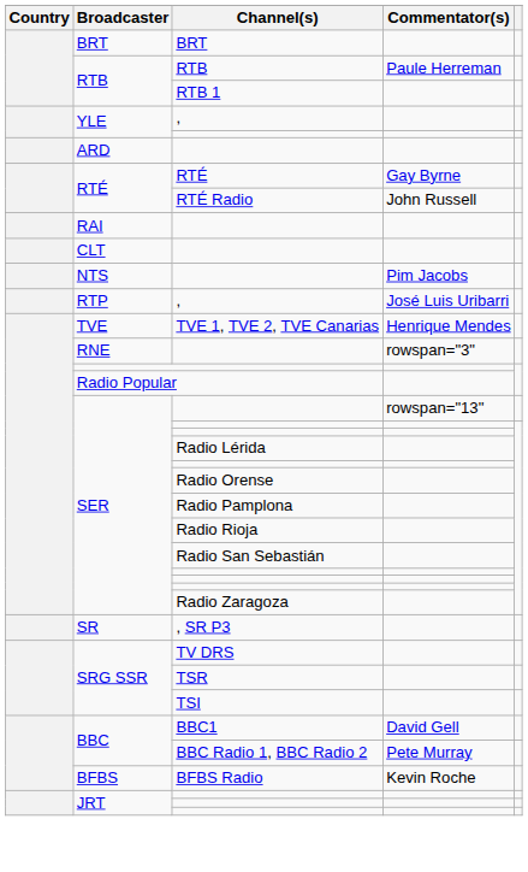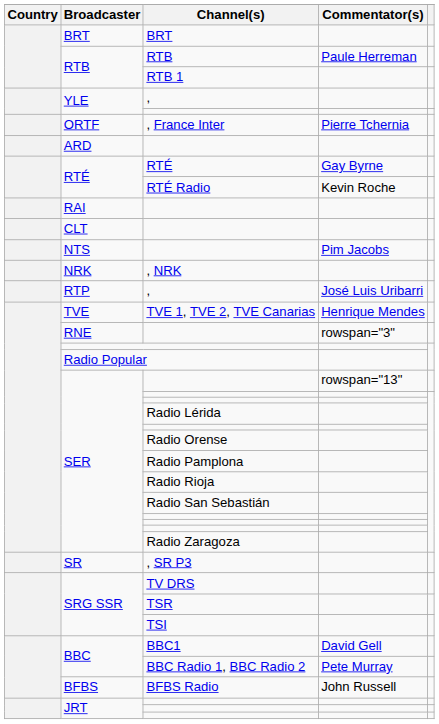 <table class="wikitable plainrowheaders">
 <tr>
 </tr>
 <tr>
 <th scope="col">Country</th>
 <th scope="col">Broadcaster</th>
 <th scope="col">Channel(s)</th>
 <th scope="col">Commentator(s)</th>
 <th scope="col"></th>
 </tr>
 <tr>
 <th scope="rowgroup" rowspan="3"></th>
 <td><a href='#'>BRT</a></td>
 <td><a href='#'>BRT</a></td>
 <td></td>
 <td style="text-align:center"></td>
 </tr>
 <tr>
 <td rowspan="2"><a href='#'>RTB</a></td>
 <td><a href='#'>RTB</a></td>
 <td><a href='#'>Paule Herreman</a></td>
 <td style="text-align:center"></td>
 </tr>
 <tr>
 <td><a href='#'>RTB 1</a></td>
 <td></td>
 <td style="text-align:center"></td>
 </tr>
 <tr>
 <th scope="rowgroup" rowspan="2"></th>
 <td rowspan="2"><a href='#'>YLE</a></td>
 <td>, </td>
 <td></td>
 <td style="text-align:center"></td>
 </tr>
 <tr>
 <td></td>
 <td></td>
 <td style="text-align:center"></td>
 </tr>
 <tr>
 <th scope="row"></th>
+<td><a href='#'>ORTF</a></td>
+<td>, <a href='#'>France Inter</a></td>
+<td><a href='#'>Pierre Tchernia</a></td>
+<td style="text-align:center"></td>
+</tr>
+<tr>
+<th scope="row"></th>
 <td><a href='#'>ARD</a></td>
 <td></td>
 <td></td>
 <td style="text-align:center"></td>
 </tr>
 <tr>
 <th scope="rowgroup" rowspan="2"></th>
 <td rowspan="2"><a href='#'>RTÉ</a></td>
 <td><a href='#'>RTÉ</a></td>
 <td><a href='#'>Gay Byrne</a></td>
 <td style="text-align:center"></td>
 </tr>
 <tr>
 <td><a href='#'>RTÉ Radio</a></td>
-<td>John Russell</td>
+<td>Kevin Roche</td>
 <td style="text-align:center"></td>
 </tr>
 <tr>
 <th scope="row"></th>
 <td><a href='#'>RAI</a></td>
 <td></td>
 <td></td>
 <td style="text-align:center"></td>
 </tr>
 <tr>
 <th scope="row"></th>
 <td><a href='#'>CLT</a></td>
 <td></td>
 <td></td>
 <td style="text-align:center"></td>
 </tr>
 <tr>
 <th scope="row"></th>
 <td><a href='#'>NTS</a></td>
 <td></td>
 <td><a href='#'>Pim Jacobs</a></td>
+<td style="text-align:center"></td>
+</tr>
+<tr>
+<th scope="row"></th>
+<td><a href='#'>NRK</a></td>
+<td>, <a href='#'>NRK</a></td>
+<td></td>
 <td style="text-align:center"></td>
 </tr>
 <tr>
 <th scope="row"></th>
 <td><a href='#'>RTP</a></td>
 <td>, </td>
 <td><a href='#'>José Luis Uribarri</a></td>
 <td style="text-align:center"></td>
 </tr>
 <tr>
 <th scope="rowgroup" rowspan="17"></th>
 <td><a href='#'>TVE</a></td>
 <td><a href='#'>TVE 1</a>, <a href='#'>TVE 2</a>, <a href='#'>TVE Canarias</a></td>
 <td><a href='#'>Henrique Mendes</a></td>
 <td style="text-align:center"></td>
 </tr>
 <tr>
 <td><a href='#'>RNE</a></td>
 <td></td>
 <td>rowspan="3" </td>
 <td style="text-align:center"></td>
 </tr>
 <tr>
 <td colspan="2"></td>
 <td style="text-align:center"></td>
 </tr>
 <tr>
 <td colspan="2"><a href='#'>Radio Popular</a></td>
 <td style="text-align:center"></td>
 </tr>
 <tr>
 <td rowspan="13"><a href='#'>SER</a></td>
 <td></td>
 <td>rowspan="13" </td>
 <td style="text-align:center"></td>
 </tr>
 <tr>
 <td></td>
 <td style="text-align:center"></td>
 </tr>
 <tr>
 <td></td>
 <td style="text-align:center"></td>
 </tr>
 <tr>
 <td>Radio Lérida</td>
 <td style="text-align:center"></td>
 </tr>
 <tr>
 <td></td>
 <td style="text-align:center"></td>
 </tr>
 <tr>
 <td>Radio Orense</td>
 <td style="text-align:center"></td>
 </tr>
 <tr>
 <td>Radio Pamplona</td>
 <td style="text-align:center"></td>
 </tr>
 <tr>
 <td>Radio Rioja</td>
 <td style="text-align:center"></td>
 </tr>
 <tr>
 <td>Radio San Sebastián</td>
 <td style="text-align:center"></td>
 </tr>
 <tr>
 <td></td>
 <td style="text-align:center"></td>
 </tr>
 <tr>
 <td></td>
 <td style="text-align:center"></td>
 </tr>
 <tr>
 <td></td>
 <td style="text-align:center"></td>
 </tr>
 <tr>
 <td>Radio Zaragoza</td>
 <td style="text-align:center"></td>
 </tr>
 <tr>
 <th scope="row"></th>
 <td><a href='#'>SR</a></td>
 <td>, <a href='#'>SR P3</a></td>
 <td></td>
 <td style="text-align:center"></td>
 </tr>
 <tr>
 <th scope="rowgroup" rowspan="3"></th>
 <td rowspan="3"><a href='#'>SRG SSR</a></td>
 <td><a href='#'>TV DRS</a></td>
 <td></td>
 <td style="text-align:center"></td>
 </tr>
 <tr>
 <td><a href='#'>TSR</a></td>
 <td></td>
 <td style="text-align:center"></td>
 </tr>
 <tr>
 <td><a href='#'>TSI</a></td>
 <td></td>
 <td style="text-align:center"></td>
 </tr>
 <tr>
 <th scope="rowgroup" rowspan="3"></th>
 <td rowspan="2"><a href='#'>BBC</a></td>
 <td><a href='#'>BBC1</a></td>
 <td><a href='#'>David Gell</a></td>
 <td style="text-align:center"></td>
 </tr>
 <tr>
 <td><a href='#'>BBC Radio 1</a>, <a href='#'>BBC Radio 2</a></td>
 <td><a href='#'>Pete Murray</a></td>
 <td style="text-align:center"></td>
 </tr>
 <tr>
 <td><a href='#'>BFBS</a></td>
 <td><a href='#'>BFBS Radio</a></td>
-<td>Kevin Roche</td>
+<td>John Russell</td>
 <td style="text-align:center"></td>
 </tr>
 <tr>
 <th scope="rowgroup" rowspan="3"></th>
 <td rowspan="3"><a href='#'>JRT</a></td>
 <td></td>
 <td></td>
 <td style="text-align:center"></td>
 </tr>
 <tr>
 <td></td>
 <td></td>
 <td style="text-align:center"></td>
 </tr>
 <tr>
 <td></td>
 <td></td>
 <td style="text-align:center"></td>
 </tr>
 </table>
